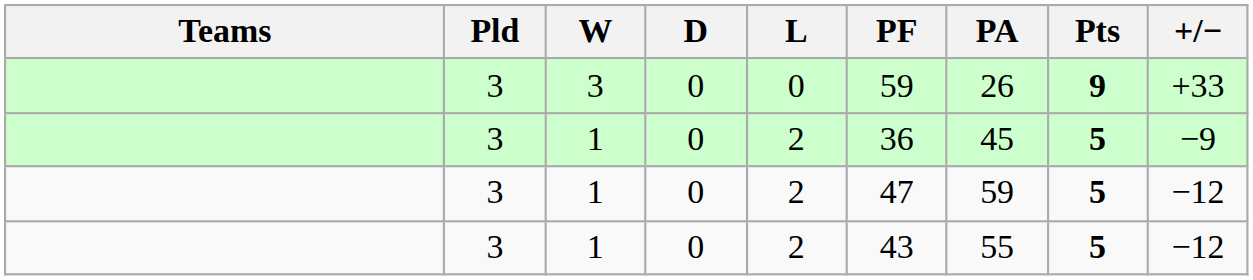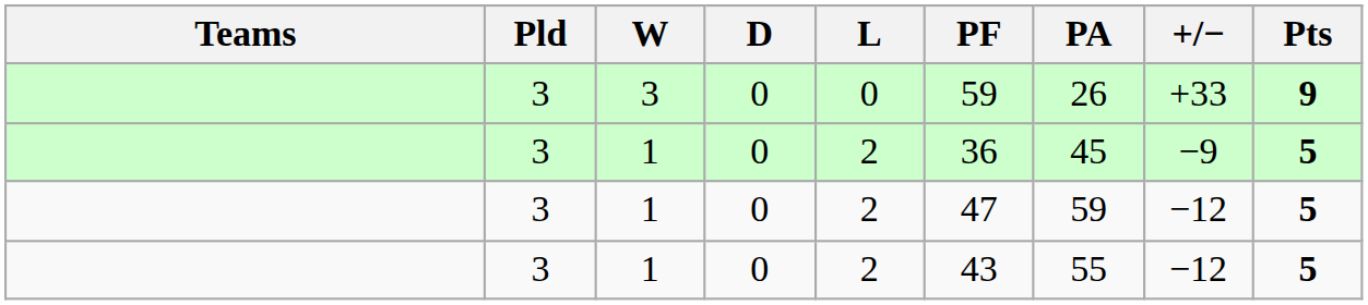 <table class="wikitable" style="text-align: center;">
 <tr>
 <th width="200">Teams</th>
 <th width="40">Pld</th>
 <th width="40">W</th>
 <th width="40">D</th>
 <th width="40">L</th>
 <th width="40">PF</th>
 <th width="40">PA</th>
+<th width="40">+/−</th>
 <th width="40">Pts</th>
-<th width="40">+/−</th>
 </tr>
 <tr bgcolor=ccffcc>
 <td align=left></td>
 <td>3</td>
 <td>3</td>
 <td>0</td>
 <td>0</td>
 <td>59</td>
 <td>26</td>
+<td>+33</td>
 <td><strong>9</strong></td>
-<td>+33</td>
 </tr>
 <tr bgcolor=ccffcc>
 <td align=left></td>
 <td>3</td>
 <td>1</td>
 <td>0</td>
 <td>2</td>
 <td>36</td>
 <td>45</td>
+<td>−9</td>
 <td><strong>5</strong></td>
-<td>−9</td>
 </tr>
 <tr>
 <td align=left></td>
 <td>3</td>
 <td>1</td>
 <td>0</td>
 <td>2</td>
 <td>47</td>
 <td>59</td>
+<td>−12</td>
 <td><strong>5</strong></td>
-<td>−12</td>
 </tr>
 <tr>
 <td align=left></td>
 <td>3</td>
 <td>1</td>
 <td>0</td>
 <td>2</td>
 <td>43</td>
 <td>55</td>
+<td>−12</td>
 <td><strong>5</strong></td>
-<td>−12</td>
 </tr>
 </table>
